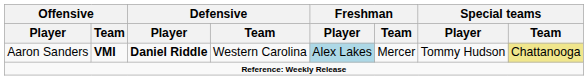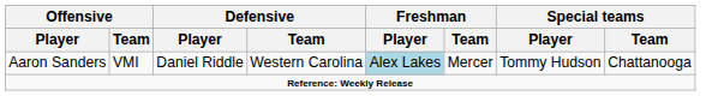 <table class="wikitable" border="1">
 <tr>
 <th colspan="2">Offensive</th>
 <th colspan="2">Defensive</th>
 <th colspan="2">Freshman</th>
 <th colspan="2">Special teams</th>
 </tr>
 <tr>
 <th>Player</th>
 <th>Team</th>
 <th>Player</th>
 <th>Team</th>
 <th>Player</th>
 <th>Team</th>
 <th>Player</th>
 <th>Team</th>
 </tr>
 <tr>
 <td>Aaron Sanders</td>
-<td><strong>VMI</strong></td>
-<td><strong>Daniel Riddle</strong></td>
+<td>VMI</td>
+<td>Daniel Riddle</td>
 <td>Western Carolina</td>
 <td style="background: lightblue;">Alex Lakes</td>
 <td>Mercer</td>
 <td>Tommy Hudson</td>
-<td style="background: khaki;">Chattanooga</td>
+<td>Chattanooga</td>
 </tr>
 <tr>
 <td colspan="8" style="font-size: 8pt" align="center"><strong>Reference: Weekly Release</strong></td>
 </tr>
 </table>
